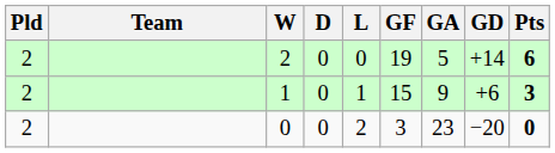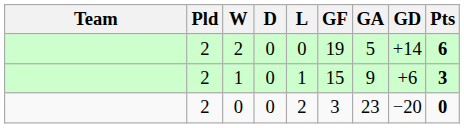 <table class="wikitable" style="text-align:center;">
 <tr>
+<th width=150>Team</th>
 <th width=20>Pld</th>
-<th width=150>Team</th>
 <th width=20>W</th>
 <th width=20>D</th>
 <th width=20>L</th>
 <th width=20>GF</th>
 <th width=20>GA</th>
 <th width=20>GD</th>
 <th width=20>Pts</th>
 </tr>
 <tr align=center style="background:#ccffcc;">
+<td align="left"></td>
 <td>2</td>
-<td align="left"></td>
 <td>2</td>
 <td>0</td>
 <td>0</td>
 <td>19</td>
 <td>5</td>
 <td>+14</td>
 <td><strong>6</strong></td>
 </tr>
 <tr align=center style="background:#ccffcc;">
+<td align="left"></td>
 <td>2</td>
-<td align="left"></td>
 <td>1</td>
 <td>0</td>
 <td>1</td>
 <td>15</td>
 <td>9</td>
 <td>+6</td>
 <td><strong>3</strong></td>
 </tr>
 <tr>
+<td align="left"></td>
 <td>2</td>
-<td align="left"></td>
 <td>0</td>
 <td>0</td>
 <td>2</td>
 <td>3</td>
 <td>23</td>
 <td>−20</td>
 <td><strong>0</strong></td>
 </tr>
 </table>
